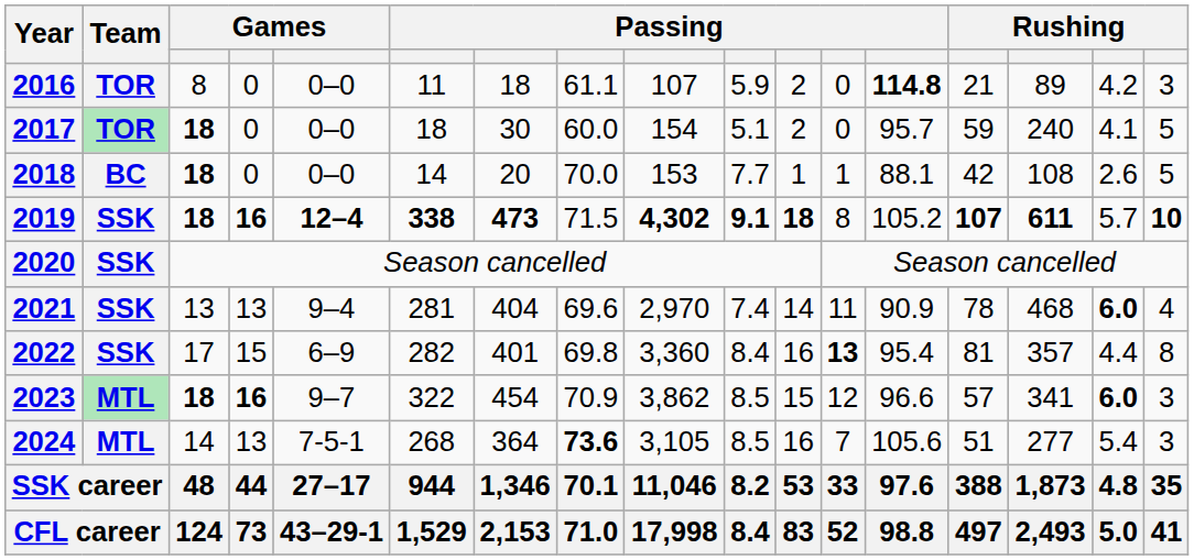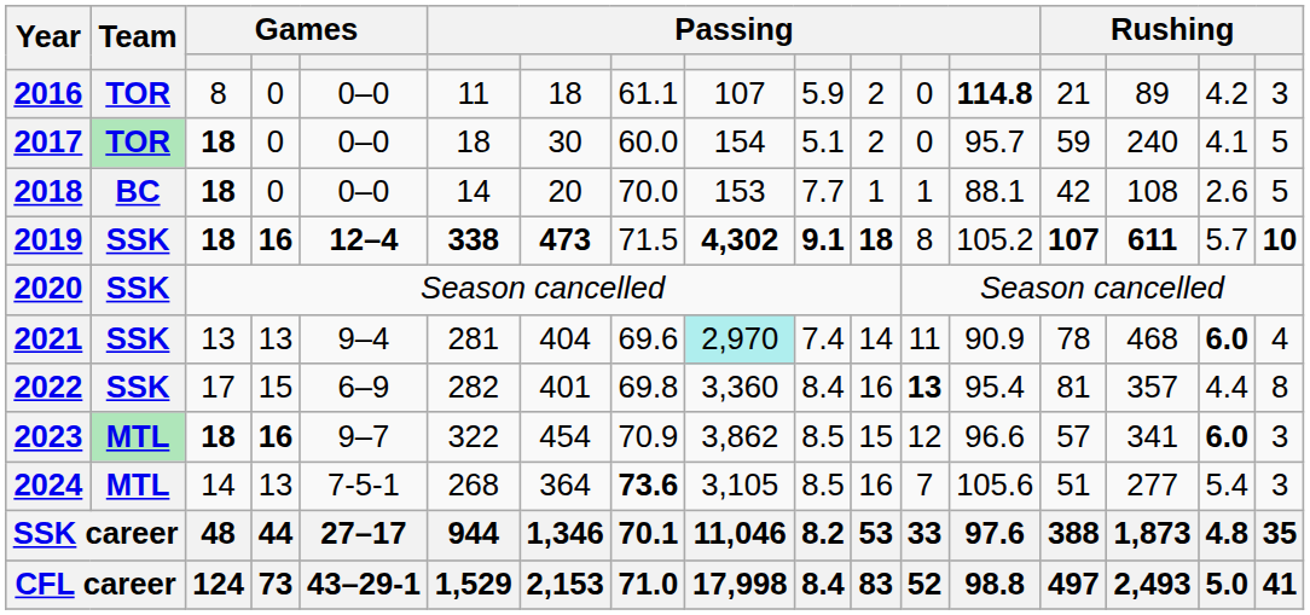 <table class="wikitable" style="text-align:center;">
 <tr>
 <th rowspan="2">Year</th>
 <th rowspan="2">Team</th>
 <th colspan="3">Games</th>
 <th colspan="8">Passing</th>
 <th colspan="4">Rushing</th>
 </tr>
 <tr>
 <th></th>
 <th></th>
 <th></th>
 <th></th>
 <th></th>
 <th></th>
 <th></th>
 <th></th>
 <th></th>
 <th></th>
 <th></th>
 <th></th>
 <th></th>
 <th></th>
 <th></th>
 </tr>
 <tr>
 <th><a href='#'>2016</a></th>
 <th><a href='#'>TOR</a></th>
 <td>8</td>
 <td>0</td>
 <td>0–0</td>
 <td>11</td>
 <td>18</td>
 <td>61.1</td>
 <td>107</td>
 <td>5.9</td>
 <td>2</td>
 <td>0</td>
 <td><strong>114.8</strong></td>
 <td>21</td>
 <td>89</td>
 <td>4.2</td>
 <td>3</td>
 </tr>
 <tr>
 <th><a href='#'>2017</a></th>
 <th style="background:#afe6ba;"><a href='#'>TOR</a></th>
 <td><strong>18</strong></td>
 <td>0</td>
 <td>0–0</td>
 <td>18</td>
 <td>30</td>
 <td>60.0</td>
 <td>154</td>
 <td>5.1</td>
 <td>2</td>
 <td>0</td>
 <td>95.7</td>
 <td>59</td>
 <td>240</td>
 <td>4.1</td>
 <td>5</td>
 </tr>
 <tr>
 <th><a href='#'>2018</a></th>
 <th><a href='#'>BC</a></th>
 <td><strong>18</strong></td>
 <td>0</td>
 <td>0–0</td>
 <td>14</td>
 <td>20</td>
 <td>70.0</td>
 <td>153</td>
 <td>7.7</td>
 <td>1</td>
 <td>1</td>
 <td>88.1</td>
 <td>42</td>
 <td>108</td>
 <td>2.6</td>
 <td>5</td>
 </tr>
 <tr>
 <th><a href='#'>2019</a></th>
 <th><a href='#'>SSK</a></th>
 <td><strong>18</strong></td>
 <td><strong>16</strong></td>
 <td><strong>12–4</strong></td>
 <td><strong>338</strong></td>
 <td><strong>473</strong></td>
 <td>71.5</td>
 <td><strong>4,302</strong></td>
 <td><strong>9.1</strong></td>
 <td><strong>18</strong></td>
 <td>8</td>
 <td>105.2</td>
 <td><strong>107</strong></td>
 <td><strong>611</strong></td>
 <td>5.7</td>
 <td><strong>10</strong></td>
 </tr>
 <tr>
 <th><a href='#'>2020</a></th>
 <th><a href='#'>SSK</a></th>
 <td colspan="9"><em>Season cancelled</em></td>
 <td colspan="6"><em>Season cancelled</em></td>
 </tr>
 <tr>
 <th><a href='#'>2021</a></th>
 <th><a href='#'>SSK</a></th>
 <td>13</td>
 <td>13</td>
 <td>9–4</td>
 <td>281</td>
 <td>404</td>
 <td>69.6</td>
-<td>2,970</td>
+<td style="background: paleturquoise;">2,970</td>
 <td>7.4</td>
 <td>14</td>
 <td>11</td>
 <td>90.9</td>
 <td>78</td>
 <td>468</td>
 <td><strong>6.0</strong></td>
 <td>4</td>
 </tr>
 <tr>
 <th><a href='#'>2022</a></th>
 <th><a href='#'>SSK</a></th>
 <td>17</td>
 <td>15</td>
 <td>6–9</td>
 <td>282</td>
 <td>401</td>
 <td>69.8</td>
 <td>3,360</td>
 <td>8.4</td>
 <td>16</td>
 <td><strong>13</strong></td>
 <td>95.4</td>
 <td>81</td>
 <td>357</td>
 <td>4.4</td>
 <td>8</td>
 </tr>
 <tr>
 <th><a href='#'>2023</a></th>
 <th style="background:#afe6ba;"><a href='#'>MTL</a></th>
 <td><strong>18</strong></td>
 <td><strong>16</strong></td>
 <td>9–7</td>
 <td>322</td>
 <td>454</td>
 <td>70.9</td>
 <td>3,862</td>
 <td>8.5</td>
 <td>15</td>
 <td>12</td>
 <td>96.6</td>
 <td>57</td>
 <td>341</td>
 <td><strong>6.0</strong></td>
 <td>3</td>
 </tr>
 <tr>
 <th><a href='#'>2024</a></th>
 <th><a href='#'>MTL</a></th>
 <td>14</td>
 <td>13</td>
 <td>7-5-1</td>
 <td>268</td>
 <td>364</td>
 <td><strong>73.6</strong></td>
 <td>3,105</td>
 <td>8.5</td>
 <td>16</td>
 <td>7</td>
 <td>105.6</td>
 <td>51</td>
 <td>277</td>
 <td>5.4</td>
 <td>3</td>
 </tr>
 <tr>
 <th colspan="2"><a href='#'>SSK</a> career</th>
 <th>48</th>
 <th>44</th>
 <th>27–17</th>
 <th>944</th>
 <th>1,346</th>
 <th>70.1</th>
 <th>11,046</th>
 <th>8.2</th>
 <th>53</th>
 <th>33</th>
 <th>97.6</th>
 <th>388</th>
 <th>1,873</th>
 <th>4.8</th>
 <th>35</th>
 </tr>
 <tr>
 <th colspan="2"><a href='#'>CFL</a> career</th>
 <th>124</th>
 <th>73</th>
 <th>43–29-1</th>
 <th>1,529</th>
 <th>2,153</th>
 <th>71.0</th>
 <th>17,998</th>
 <th>8.4</th>
 <th>83</th>
 <th>52</th>
 <th>98.8</th>
 <th>497</th>
 <th>2,493</th>
 <th>5.0</th>
 <th>41</th>
 </tr>
 </table>
